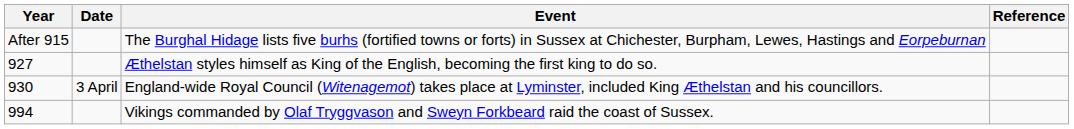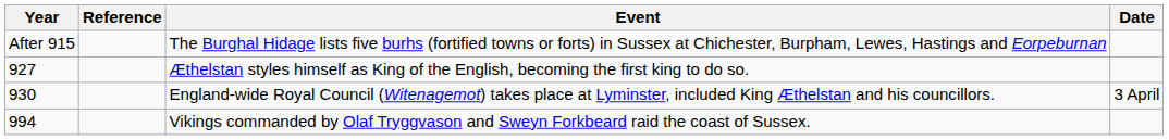 <table class="wikitable">
 <tr>
 <th TITTY>Year</th>
+<th>Reference</th>
+<th>Event</th>
 <th TITTY>Date</th>
-<th>Event</th>
-<th>Reference</th>
 </tr>
 <tr>
 <td>After 915</td>
+<td><br></td>
+<td>The <a href='#'>Burghal Hidage</a> lists five <a href='#'>burhs</a> (fortified towns or forts) in Sussex at Chichester, Burpham, Lewes, Hastings and <em><a href='#'>Eorpeburnan</a></em></td>
 <td></td>
-<td>The <a href='#'>Burghal Hidage</a> lists five <a href='#'>burhs</a> (fortified towns or forts) in Sussex at Chichester, Burpham, Lewes, Hastings and <em><a href='#'>Eorpeburnan</a></em></td>
-<td><br></td>
 </tr>
 <tr>
 <td>927</td>
 <td></td>
 <td><a href='#'>Æthelstan</a> styles himself as King of the English, becoming the first king to do so.</td>
 <td></td>
 </tr>
 <tr>
 <td>930</td>
+<td></td>
+<td>England-wide Royal Council (<em><a href='#'>Witenagemot</a></em>) takes place at <a href='#'>Lyminster</a>, included King <a href='#'>Æthelstan</a> and his councillors.</td>
 <td>3 April</td>
-<td>England-wide Royal Council (<em><a href='#'>Witenagemot</a></em>) takes place at <a href='#'>Lyminster</a>, included King <a href='#'>Æthelstan</a> and his councillors.</td>
-<td></td>
 </tr>
 <tr>
 <td>994</td>
 <td></td>
 <td>Vikings commanded by <a href='#'>Olaf Tryggvason</a> and <a href='#'>Sweyn Forkbeard</a> raid the coast of Sussex.</td>
 <td></td>
 </tr>
 </table>
